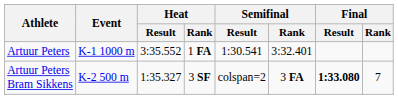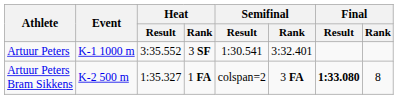 <table class=wikitable style=font-size:90%>
 <tr>
 <th rowspan=2>Athlete</th>
 <th rowspan=2>Event</th>
 <th colspan=2>Heat</th>
 <th colspan=2>Semifinal</th>
 <th colspan=2>Final</th>
 </tr>
 <tr style=font-size:95%>
 <th>Result</th>
 <th>Rank</th>
 <th>Result</th>
 <th>Rank</th>
 <th>Result</th>
 <th>Rank</th>
 </tr>
 <tr align=center>
 <td align=left><a href='#'>Artuur Peters</a></td>
 <td align=left><a href='#'>K-1 1000 m</a></td>
 <td>3:35.552</td>
-<td>1 <strong>FA</strong></td>
+<td>3 <strong>SF</strong></td>
 <td>1:30.541</td>
 <td>3:32.401</td>
 <td></td>
 </tr>
 <tr align=center>
 <td align=left><a href='#'>Artuur Peters</a><br><a href='#'>Bram Sikkens</a></td>
 <td align=left><a href='#'>K-2 500 m</a></td>
 <td>1:35.327</td>
-<td>3 <strong>SF</strong></td>
+<td>1 <strong>FA</strong></td>
 <td>colspan=2</td>
 <td>3 <strong>FA</strong></td>
 <td><strong>1:33.080</strong></td>
-<td>7</td>
+<td>8</td>
 </tr>
 </table>
